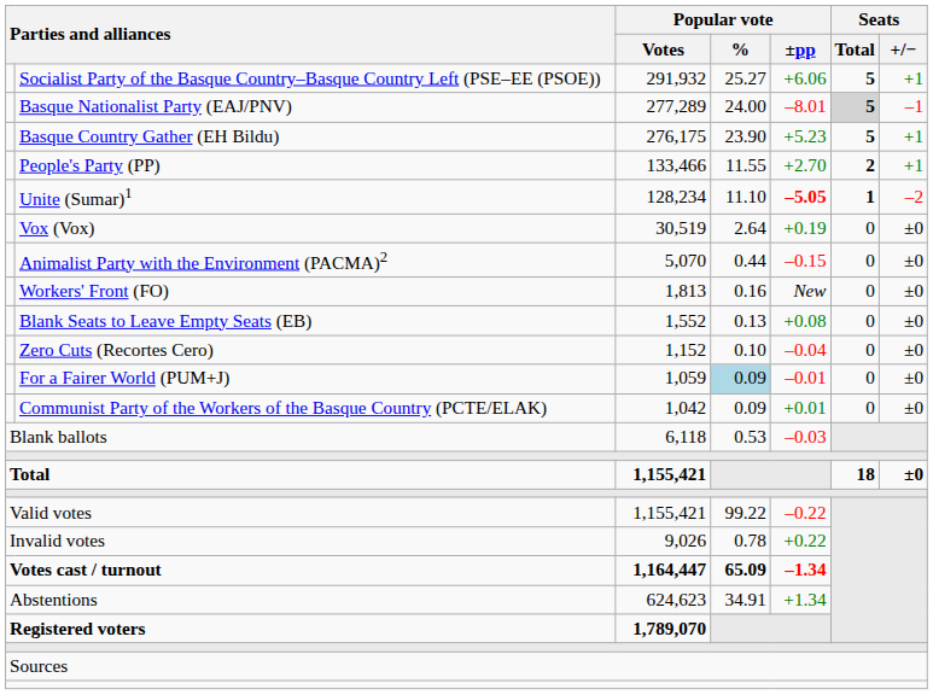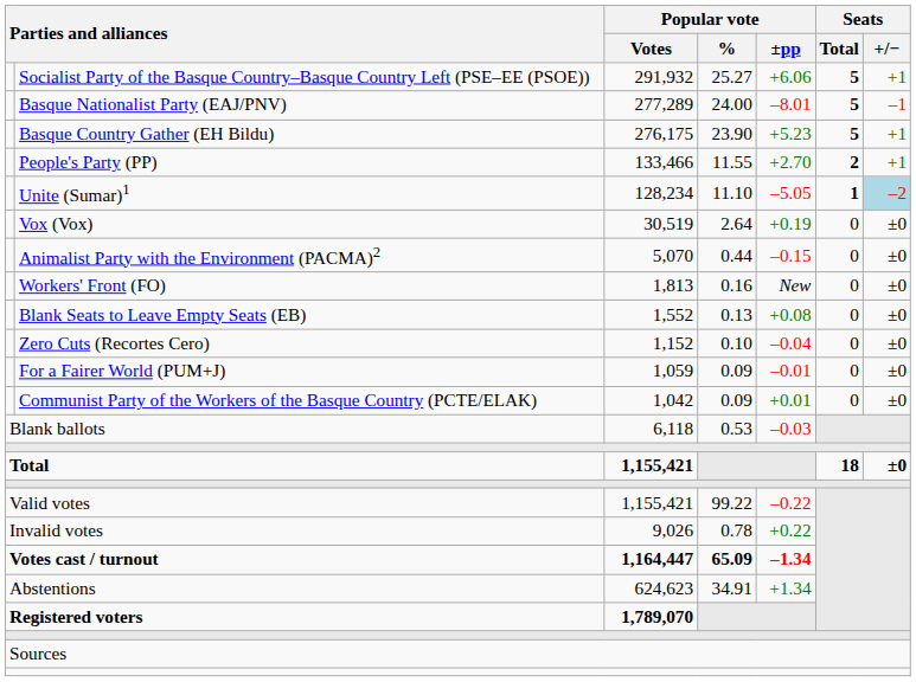 <table class="wikitable" style="text-align:right;">
 <tr>
 <th style="text-align:left;" rowspan="2" colspan="2" width="525">Parties and alliances</th>
 <th colspan="3">Popular vote</th>
 <th colspan="2">Seats</th>
 </tr>
 <tr>
 <th width="75">Votes</th>
 <th width="45">%</th>
 <th width="45">±<a href='#'>pp</a></th>
 <th width="35">Total</th>
 <th width="35">+/−</th>
 </tr>
 <tr>
 <td width="1" style="color:inherit;background:"></td>
 <td align="left"><a href='#'>Socialist Party of the Basque Country–Basque Country Left</a> (PSE–EE (PSOE))</td>
 <td>291,932</td>
 <td>25.27</td>
 <td style="color:green;">+6.06</td>
 <td><strong>5</strong></td>
 <td style="color:green;">+1</td>
 </tr>
 <tr>
 <td style="color:inherit;background:"></td>
 <td align="left"><a href='#'>Basque Nationalist Party</a> (EAJ/PNV)</td>
 <td>277,289</td>
 <td>24.00</td>
 <td style="color:red;">–8.01</td>
-<td style="background: lightgrey;"><strong>5</strong></td>
+<td><strong>5</strong></td>
 <td style="color:red;">–1</td>
 </tr>
 <tr>
 <td style="color:inherit;background:"></td>
 <td align="left"><a href='#'>Basque Country Gather</a> (EH Bildu)</td>
 <td>276,175</td>
 <td>23.90</td>
 <td style="color:green;">+5.23</td>
 <td><strong>5</strong></td>
 <td style="color:green;">+1</td>
 </tr>
 <tr>
 <td style="color:inherit;background:"></td>
 <td align="left"><a href='#'>People's Party</a> (PP)</td>
 <td>133,466</td>
 <td>11.55</td>
 <td style="color:green;">+2.70</td>
 <td><strong>2</strong></td>
 <td style="color:green;">+1</td>
 </tr>
 <tr>
 <td style="color:inherit;background:"></td>
 <td align="left"><a href='#'>Unite</a> (Sumar)<sup>1</sup></td>
 <td>128,234</td>
 <td>11.10</td>
-<td style="color:red;"><strong>–5.05</strong></td>
+<td style="color:red;">–5.05</td>
 <td><strong>1</strong></td>
-<td style="color:red;">–2</td>
+<td style="background: lightblue; color:red;">–2</td>
 </tr>
 <tr>
 <td style="color:inherit;background:"></td>
 <td align="left"><a href='#'>Vox</a> (Vox)</td>
 <td>30,519</td>
 <td>2.64</td>
 <td style="color:green;">+0.19</td>
 <td>0</td>
 <td>±0</td>
 </tr>
 <tr>
 <td style="color:inherit;background:"></td>
 <td align="left"><a href='#'>Animalist Party with the Environment</a> (PACMA)<sup>2</sup></td>
 <td>5,070</td>
 <td>0.44</td>
 <td style="color:red;">–0.15</td>
 <td>0</td>
 <td>±0</td>
 </tr>
 <tr>
 <td style="color:inherit;background:"></td>
 <td align="left"><a href='#'>Workers' Front</a> (FO)</td>
 <td>1,813</td>
 <td>0.16</td>
 <td><em>New</em></td>
 <td>0</td>
 <td>±0</td>
 </tr>
 <tr>
 <td style="color:inherit;background:"></td>
 <td align="left"><a href='#'>Blank Seats to Leave Empty Seats</a> (EB)</td>
 <td>1,552</td>
 <td>0.13</td>
 <td style="color:green;">+0.08</td>
 <td>0</td>
 <td>±0</td>
 </tr>
 <tr>
 <td style="color:inherit;background:"></td>
 <td align="left"><a href='#'>Zero Cuts</a> (Recortes Cero)</td>
 <td>1,152</td>
 <td>0.10</td>
 <td style="color:red;">–0.04</td>
 <td>0</td>
 <td>±0</td>
 </tr>
 <tr>
 <td style="color:inherit;background:"></td>
 <td align="left"><a href='#'>For a Fairer World</a> (PUM+J)</td>
 <td>1,059</td>
-<td style="background: lightblue;">0.09</td>
+<td>0.09</td>
 <td style="color:red;">–0.01</td>
 <td>0</td>
 <td>±0</td>
 </tr>
 <tr>
 <td style="color:inherit;background:"></td>
 <td align="left"><a href='#'>Communist Party of the Workers of the Basque Country</a> (PCTE/ELAK)</td>
 <td>1,042</td>
 <td>0.09</td>
 <td style="color:green;">+0.01</td>
 <td>0</td>
 <td>±0</td>
 </tr>
 <tr>
 <td align="left" colspan="2">Blank ballots</td>
 <td>6,118</td>
 <td>0.53</td>
 <td style="color:red;">–0.03</td>
 <td bgcolor="#E9E9E9" colspan="2"></td>
 </tr>
 <tr>
 <td colspan="7" bgcolor="#E9E9E9"></td>
 </tr>
 <tr style="font-weight:bold;">
 <td align="left" colspan="2">Total</td>
 <td>1,155,421</td>
 <td bgcolor="#E9E9E9" colspan="2"></td>
 <td>18</td>
 <td>±0</td>
 </tr>
 <tr>
 <td colspan="7" bgcolor="#E9E9E9"></td>
 </tr>
 <tr>
 <td align="left" colspan="2">Valid votes</td>
 <td>1,155,421</td>
 <td>99.22</td>
 <td style="color:red;">–0.22</td>
 <td bgcolor="#E9E9E9" colspan="2" rowspan="5"></td>
 </tr>
 <tr>
 <td align="left" colspan="2">Invalid votes</td>
 <td>9,026</td>
 <td>0.78</td>
 <td style="color:green;">+0.22</td>
 </tr>
 <tr style="font-weight:bold;">
 <td align="left" colspan="2">Votes cast / turnout</td>
 <td>1,164,447</td>
 <td>65.09</td>
 <td style="color:red;">–1.34</td>
 </tr>
 <tr>
 <td align="left" colspan="2">Abstentions</td>
 <td>624,623</td>
 <td>34.91</td>
 <td style="color:green;">+1.34</td>
 </tr>
 <tr style="font-weight:bold;">
 <td align="left" colspan="2">Registered voters</td>
 <td>1,789,070</td>
 <td bgcolor="#E9E9E9" colspan="2"></td>
 </tr>
 <tr>
 <td colspan="7" bgcolor="#E9E9E9"></td>
 </tr>
 <tr>
 <td align="left" colspan="7">Sources</td>
 </tr>
 <tr>
 <td colspan="7" style="text-align:left; max-width:790px;"></td>
 </tr>
 </table>
